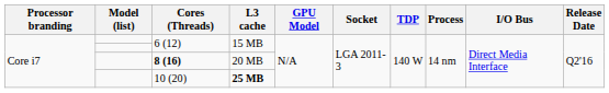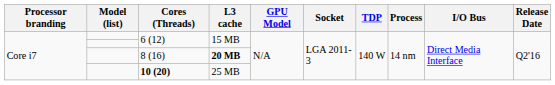 <table class="wikitable">
 <tr>
 <th>Processor branding</th>
 <th>Model (list)</th>
 <th>Cores (Threads)</th>
 <th>L3 cache</th>
 <th><a href='#'>GPU Model</a></th>
 <th>Socket</th>
 <th><a href='#'>TDP</a></th>
 <th>Process</th>
 <th>I/O Bus</th>
 <th>Release<br>Date</th>
 </tr>
 <tr>
 <td rowspan="4">Core i7</td>
 <td></td>
 <td rowspan="2">6 (12)</td>
 <td rowspan="2">15 MB</td>
 <td rowspan="4">N/A</td>
 <td rowspan="4">LGA 2011-3</td>
 <td rowspan="4">140 W</td>
 <td rowspan="4">14 nm</td>
 <td rowspan="4"><a href='#'>Direct Media Interface</a></td>
 <td rowspan="4">Q2'16</td>
 </tr>
 <tr>
 <td></td>
 </tr>
 <tr>
 <td></td>
-<td><strong>8 (16)</strong></td>
-<td>20 MB</td>
+<td>8 (16)</td>
+<td><strong>20 MB</strong></td>
 </tr>
 <tr>
 <td></td>
-<td>10 (20)</td>
-<td><strong>25 MB</strong></td>
+<td><strong>10 (20)</strong></td>
+<td>25 MB</td>
 </tr>
 </table>
